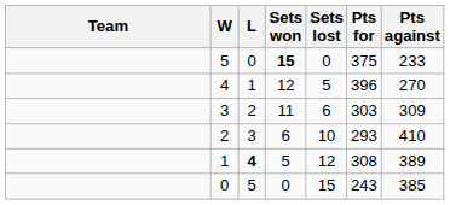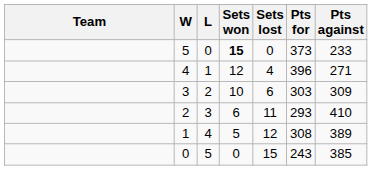 <table class="wikitable" style="text-align:center">
 <tr>
 <th width=200>Team</th>
 <th width=20>W</th>
 <th width=20>L</th>
 <th width=20>Sets won</th>
 <th width=20>Sets lost</th>
 <th width=20>Pts for</th>
 <th width=20>Pts against</th>
 </tr>
 <tr>
 <td style="text-align:left;"></td>
 <td>5</td>
 <td>0</td>
 <td><strong>15</strong></td>
 <td>0</td>
-<td>375</td>
+<td>373</td>
 <td>233</td>
 </tr>
 <tr>
 <td style="text-align:left;"></td>
 <td>4</td>
 <td>1</td>
 <td>12</td>
-<td>5</td>
+<td>4</td>
 <td>396</td>
-<td>270</td>
+<td>271</td>
 </tr>
 <tr>
 <td style="text-align:left;"></td>
 <td>3</td>
 <td>2</td>
-<td>11</td>
+<td>10</td>
 <td>6</td>
 <td>303</td>
 <td>309</td>
 </tr>
 <tr>
 <td style="text-align:left;"></td>
 <td>2</td>
 <td>3</td>
 <td>6</td>
-<td>10</td>
+<td>11</td>
 <td>293</td>
 <td>410</td>
 </tr>
 <tr>
 <td style="text-align:left;"></td>
 <td>1</td>
-<td><strong>4</strong></td>
+<td>4</td>
 <td>5</td>
 <td>12</td>
 <td>308</td>
 <td>389</td>
 </tr>
 <tr>
 <td style="text-align:left;"></td>
 <td>0</td>
 <td>5</td>
 <td>0</td>
 <td>15</td>
 <td>243</td>
 <td>385</td>
 </tr>
 </table>
